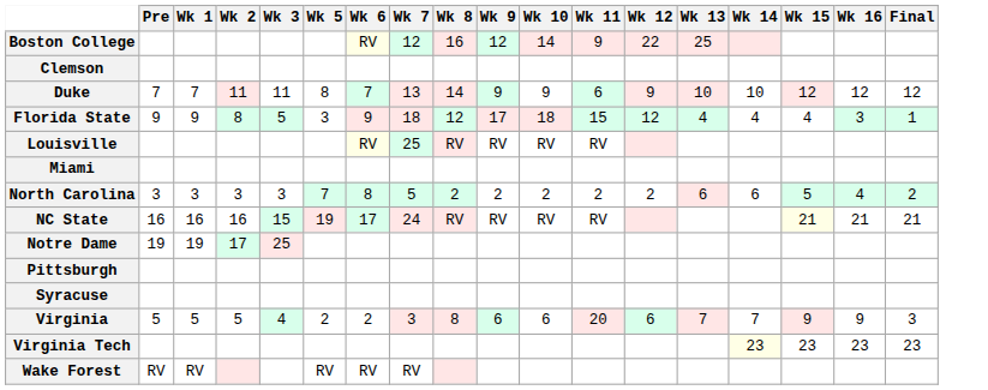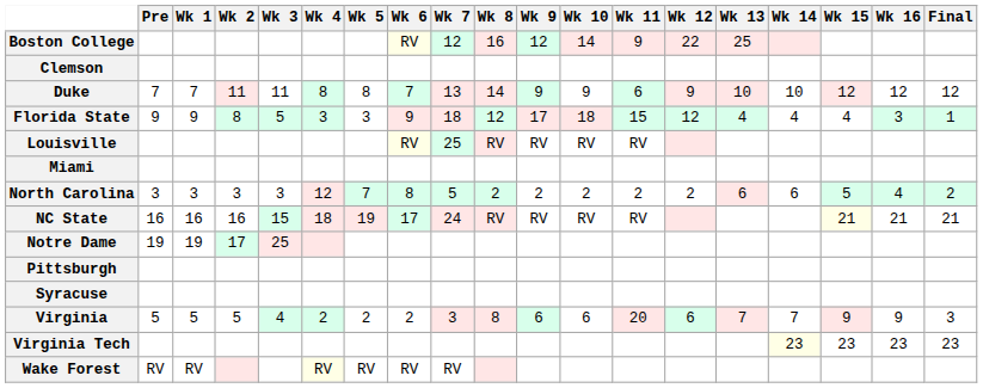 <table class="wikitable" style="white-space:nowrap;font-size:90%;">
 <tr>
 <th colspan=1 style="background:white; border-top-style:hidden; border-left-style:hidden;"> </th>
 <th>Pre <br></th>
 <th>Wk 1 <br></th>
 <th>Wk 2 <br></th>
 <th>Wk 3 <br></th>
+<th>Wk 4 <br></th>
 <th>Wk 5 <br></th>
 <th>Wk 6 <br></th>
 <th>Wk 7 <br></th>
 <th>Wk 8 <br></th>
 <th>Wk 9 <br></th>
 <th>Wk 10 <br></th>
 <th>Wk 11 <br></th>
 <th>Wk 12 <br></th>
 <th>Wk 13 <br></th>
 <th>Wk 14 <br></th>
 <th>Wk 15 <br></th>
 <th>Wk 16 <br></th>
 <th>Final <br></th>
 </tr>
 <tr style="text-align:center;">
 <th>Boston College</th>
+<td style="background:#FFF;"></td>
 <td style="background:#FFF;"></td>
 <td style="background:#FFF;"></td>
 <td style="background:#FFF;"></td>
 <td style="background:#FFF;"></td>
 <td style="background:#FFF;"></td>
 <td style="background:#FFFFE6;"> RV</td>
 <td style="background:#D8FFEB;"> 12</td>
 <td style="background:#FFE6E6;"> 16</td>
 <td style="background:#D8FFEB;"> 12</td>
 <td style="background:#FFE6E6;"> 14</td>
 <td style="background:#FFE6E6;"> 9</td>
 <td style="background:#FFE6E6;"> 22</td>
 <td style="background:#FFE6E6;"> 25</td>
 <td style="background:#FFE6E6;"></td>
 <td style="background:#FFF;"></td>
 <td style="background:#FFF;"></td>
 <td style="background:#FFF;"></td>
 </tr>
 <tr style="text-align:center;">
 <th>Clemson</th>
 <td style="background:#FFF;"></td>
 <td style="background:#FFF;"></td>
 <td style="background:#FFF;"></td>
 <td style="background:#FFF;"></td>
 <td style="background:#FFF;"></td>
 <td style="background:#FFF;"></td>
 <td style="background:#FFF;"></td>
 <td style="background:#FFF;"></td>
 <td style="background:#FFF;"></td>
 <td style="background:#FFF;"></td>
 <td style="background:#FFF;"></td>
 <td style="background:#FFF;"></td>
 <td style="background:#FFF;"></td>
 <td style="background:#FFF;"></td>
 <td style="background:#FFF;"></td>
 <td style="background:#FFF;"></td>
 <td style="background:#FFF;"></td>
+<td style="background:#FFF;"></td>
 </tr>
 <tr style="text-align:center;">
 <th>Duke</th>
 <td style="background:#FFF;"> 7</td>
 <td style="background:#FFF;"> 7</td>
 <td style="background:#FFE6E6;"> 11</td>
 <td style="background:#FFF;"> 11</td>
+<td style="background:#D8FFEB;"> 8</td>
 <td style="background:#FFF;"> 8</td>
 <td style="background:#D8FFEB;"> 7</td>
 <td style="background:#FFE6E6;"> 13</td>
 <td style="background:#FFE6E6;"> 14</td>
 <td style="background:#D8FFEB;"> 9</td>
 <td style="background:#FFF;"> 9</td>
 <td style="background:#D8FFEB;"> 6</td>
 <td style="background:#FFE6E6;"> 9</td>
 <td style="background:#FFE6E6;"> 10</td>
 <td style="background:#FFF;"> 10</td>
 <td style="background:#FFE6E6;"> 12</td>
 <td style="background:#FFF;"> 12</td>
 <td style="background:#FFF;"> 12</td>
 </tr>
 <tr style="text-align:center;">
 <th !>Florida State</th>
 <td style="background:#FFF;"> 9</td>
 <td style="background:#FFF;"> 9</td>
 <td style="background:#D8FFEB;"> 8</td>
 <td style="background:#D8FFEB;"> 5</td>
+<td style="background:#D8FFEB;"> 3</td>
 <td style="background:#FFF;"> 3</td>
 <td style="background:#FFE6E6;"> 9</td>
 <td style="background:#FFE6E6;"> 18</td>
 <td style="background:#D8FFEB;"> 12</td>
 <td style="background:#FFE6E6;"> 17</td>
 <td style="background:#FFE6E6;"> 18</td>
 <td style="background:#D8FFEB;"> 15</td>
 <td style="background:#D8FFEB;"> 12</td>
 <td style="background:#D8FFEB;"> 4</td>
 <td style="background:#FFF;"> 4</td>
 <td style="background:#FFF;"> 4</td>
 <td style="background:#D8FFEB;"> 3</td>
 <td style="background:#D8FFEB;"> 1</td>
 </tr>
 <tr style="text-align:center;">
 <th>Louisville</th>
+<td style="background:#FFF;"></td>
 <td style="background:#FFF;"></td>
 <td style="background:#FFF;"></td>
 <td style="background:#FFF;"></td>
 <td style="background:#FFF;"></td>
 <td style="background:#FFF;"></td>
 <td style="background:#FFFFE6;"> RV</td>
 <td style="background:#D8FFEB;"> 25</td>
 <td style="background:#FFE6E6;"> RV</td>
 <td style="background:#FFF;"> RV</td>
 <td style="background:#FFF;"> RV</td>
 <td style="background:#FFF;"> RV</td>
 <td style="background:#FFE6E6;"></td>
 <td style="background:#FFF;"></td>
 <td style="background:#FFF;"></td>
 <td style="background:#FFF;"></td>
 <td style="background:#FFF;"></td>
 <td style="background:#FFF;"></td>
 </tr>
 <tr style="text-align:center;">
 <th>Miami</th>
 <td style="background:#FFF;"></td>
 <td style="background:#FFF;"></td>
 <td style="background:#FFF;"></td>
 <td style="background:#FFF;"></td>
 <td style="background:#FFF;"></td>
 <td style="background:#FFF;"></td>
 <td style="background:#FFF;"></td>
 <td style="background:#FFF;"></td>
 <td style="background:#FFF;"></td>
 <td style="background:#FFF;"></td>
 <td style="background:#FFF;"></td>
 <td style="background:#FFF;"></td>
 <td style="background:#FFF;"></td>
 <td style="background:#FFF;"></td>
 <td style="background:#FFF;"></td>
 <td style="background:#FFF;"></td>
 <td style="background:#FFF;"></td>
+<td style="background:#FFF;"></td>
 </tr>
 <tr style="text-align:center;">
 <th>North Carolina</th>
 <td style="background:#FFF;"> 3</td>
 <td style="background:#FFF;"> 3</td>
 <td style="background:#FFF;"> 3</td>
 <td style="background:#FFF;"> 3</td>
+<td style="background:#FFE6E6;"> 12</td>
 <td style="background:#D8FFEB;"> 7</td>
 <td style="background:#D8FFEB;"> 8</td>
 <td style="background:#D8FFEB;"> 5</td>
 <td style="background:#D8FFEB;"> 2</td>
 <td style="background:#FFF;"> 2</td>
 <td style="background:#FFF;"> 2</td>
 <td style="background:#FFF;"> 2</td>
 <td style="background:#FFF;"> 2</td>
 <td style="background:#FFE6E6;"> 6</td>
 <td style="background:#FFF;"> 6</td>
 <td style="background:#D8FFEB;"> 5</td>
 <td style="background:#D8FFEB;"> 4</td>
 <td style="background:#D8FFEB;"> 2</td>
 </tr>
 <tr style="text-align:center;">
 <th>NC State</th>
 <td style="background:#FFF;"> 16</td>
 <td style="background:#FFF;"> 16</td>
 <td style="background:#FFF;"> 16</td>
 <td style="background:#D8FFEB;"> 15</td>
+<td style="background:#FFE6E6;"> 18</td>
 <td style="background:#FFE6E6;"> 19</td>
 <td style="background:#D8FFEB;"> 17</td>
 <td style="background:#FFE6E6;"> 24</td>
 <td style="background:#FFE6E6;"> RV</td>
 <td style="background:#FFF;"> RV</td>
 <td style="background:#FFF;"> RV</td>
 <td style="background:#FFF;"> RV</td>
 <td style="background:#FFE6E6;"></td>
 <td style="background:#FFF;"></td>
 <td style="background:#FFF;"></td>
 <td style="background:#FFFFE6;"> 21</td>
 <td style="background:#FFF;"> 21</td>
 <td style="background:#FFF;"> 21</td>
 </tr>
 <tr style="text-align:center;">
 <th>Notre Dame</th>
 <td style="background:#FFF;"> 19</td>
 <td style="background:#FFF;"> 19</td>
 <td style="background:#D8FFEB;"> 17</td>
 <td style="background:#FFE6E6;"> 25</td>
+<td style="background:#FFE6E6;"></td>
 <td style="background:#FFF;"></td>
 <td style="background:#FFF;"></td>
 <td style="background:#FFF;"></td>
 <td style="background:#FFF;"></td>
 <td style="background:#FFF;"></td>
 <td style="background:#FFF;"></td>
 <td style="background:#FFF;"></td>
 <td style="background:#FFF;"></td>
 <td style="background:#FFF;"></td>
 <td style="background:#FFF;"></td>
 <td style="background:#FFF;"></td>
 <td style="background:#FFF;"></td>
 <td style="background:#FFF;"></td>
 </tr>
 <tr style="text-align:center;">
 <th>Pittsburgh</th>
+<td style="background:#FFF;"></td>
 <td style="background:#FFF;"></td>
 <td style="background:#FFF;"></td>
 <td style="background:#FFF;"></td>
 <td style="background:#FFF;"></td>
 <td style="background:#FFF;"></td>
 <td style="background:#FFF;"></td>
 <td style="background:#FFF;"></td>
 <td style="background:#FFF;"></td>
 <td style="background:#FFF;"></td>
 <td style="background:#FFF;"></td>
 <td style="background:#FFF;"></td>
 <td style="background:#FFF;"></td>
 <td style="background:#FFF;"></td>
 <td style="background:#FFF;"></td>
 <td style="background:#FFF;"></td>
 <td style="background:#FFF;"></td>
 <td style="background:#FFF;"></td>
 </tr>
 <tr style="text-align:center;">
 <th>Syracuse</th>
 <td style="background:#FFF;"></td>
 <td style="background:#FFF;"></td>
 <td style="background:#FFF;"></td>
 <td style="background:#FFF;"></td>
 <td style="background:#FFF;"></td>
 <td style="background:#FFF;"></td>
 <td style="background:#FFF;"></td>
 <td style="background:#FFF;"></td>
 <td style="background:#FFF;"></td>
 <td style="background:#FFF;"></td>
 <td style="background:#FFF;"></td>
 <td style="background:#FFF;"></td>
 <td style="background:#FFF;"></td>
 <td style="background:#FFF;"></td>
 <td style="background:#FFF;"></td>
 <td style="background:#FFF;"></td>
 <td style="background:#FFF;"></td>
+<td style="background:#FFF;"></td>
 </tr>
 <tr style="text-align:center;">
 <th>Virginia</th>
 <td style="background:#FFF;"> 5</td>
 <td style="background:#FFF;"> 5</td>
 <td style="background:#FFF;"> 5</td>
 <td style="background:#D8FFEB;"> 4</td>
+<td style="background:#D8FFEB;"> 2</td>
 <td style="background:#FFF;"> 2</td>
 <td style="background:#FFF;"> 2</td>
 <td style="background:#FFE6E6;"> 3</td>
 <td style="background:#FFE6E6;"> 8</td>
 <td style="background:#D8FFEB;"> 6</td>
 <td style="background:#FFF;"> 6</td>
 <td style="background:#FFE6E6;"> 20</td>
 <td style="background:#D8FFEB;"> 6</td>
 <td style="background:#FFE6E6;"> 7</td>
 <td style="background:#FFF;"> 7</td>
 <td style="background:#FFE6E6;"> 9</td>
 <td style="background:#FFF;"> 9</td>
 <td style="background:#FFF;"> 3</td>
 </tr>
 <tr style="text-align:center;">
 <th>Virginia Tech</th>
 <td style="background:#FFF;"></td>
 <td style="background:#FFF;"></td>
 <td style="background:#FFF;"></td>
 <td style="background:#FFF;"></td>
 <td style="background:#FFF;"></td>
 <td style="background:#FFF;"></td>
 <td style="background:#FFF;"></td>
 <td style="background:#FFF;"></td>
 <td style="background:#FFF;"></td>
 <td style="background:#FFF;"></td>
 <td style="background:#FFF;"></td>
 <td style="background:#FFF;"></td>
 <td style="background:#FFF;"></td>
+<td style="background:#FFF;"></td>
 <td style="background:#FFFFE6;"> 23</td>
 <td style="background:#FFF;"> 23</td>
 <td style="background:#FFF;"> 23</td>
 <td style="background:#FFF;"> 23</td>
 </tr>
 <tr style="text-align:center;">
 <th>Wake Forest</th>
 <td style="background:#FFF;"> RV</td>
 <td style="background:#FFF;"> RV</td>
 <td style="background:#FFE6E6;"></td>
 <td style="background:#FFF;"></td>
+<td style="background:#FFFFE6;"> RV</td>
 <td style="background:#FFF;"> RV</td>
 <td style="background:#FFF;"> RV</td>
 <td style="background:#FFF;"> RV</td>
 <td style="background:#FFE6E6;"></td>
 <td style="background:#FFF;"></td>
 <td style="background:#FFF;"></td>
 <td style="background:#FFF;"></td>
 <td style="background:#FFF;"></td>
 <td style="background:#FFF;"></td>
 <td style="background:#FFF;"></td>
 <td style="background:#FFF;"></td>
 <td style="background:#FFF;"></td>
 <td style="background:#FFF;"></td>
 </tr>
 </table>
